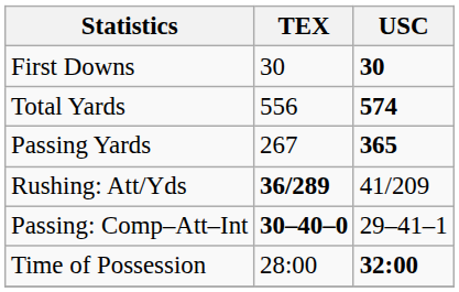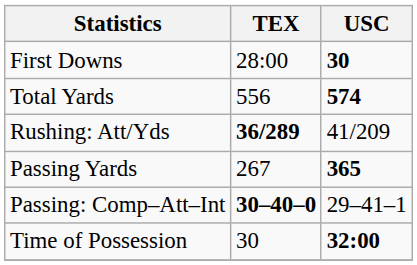 <table class="wikitable" style="float: left;">
 <tr>
 <th>Statistics</th>
 <th>TEX</th>
 <th>USC</th>
 </tr>
 <tr>
 <td>First Downs</td>
-<td>30</td>
+<td>28:00</td>
 <td><strong>30</strong></td>
 </tr>
 <tr>
 <td>Total Yards</td>
 <td>556</td>
 <td><strong>574</strong></td>
 </tr>
 <tr>
+<td>Rushing: Att/Yds</td>
+<td><strong>36/289</strong></td>
+<td>41/209</td>
+</tr>
+<tr>
 <td>Passing Yards</td>
 <td>267</td>
 <td><strong>365</strong></td>
-</tr>
-<tr>
-<td>Rushing: Att/Yds</td>
-<td><strong>36/289</strong></td>
-<td>41/209</td>
 </tr>
 <tr>
 <td>Passing: Comp–Att–Int</td>
 <td><strong>30–40–0</strong></td>
 <td>29–41–1</td>
 </tr>
 <tr>
 <td>Time of Possession</td>
-<td>28:00</td>
+<td>30</td>
 <td><strong>32:00</strong></td>
 </tr>
 <tr>
 </tr>
 </table>
